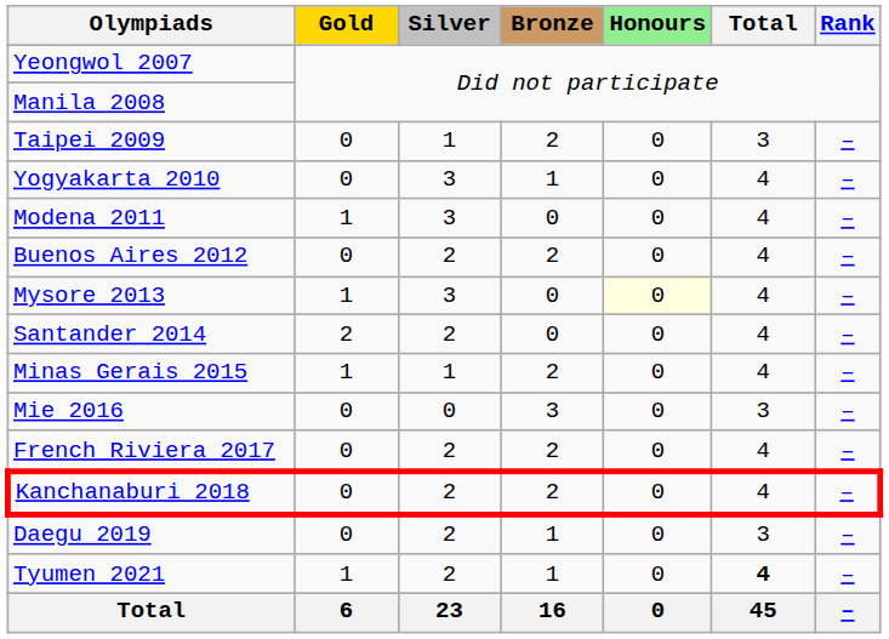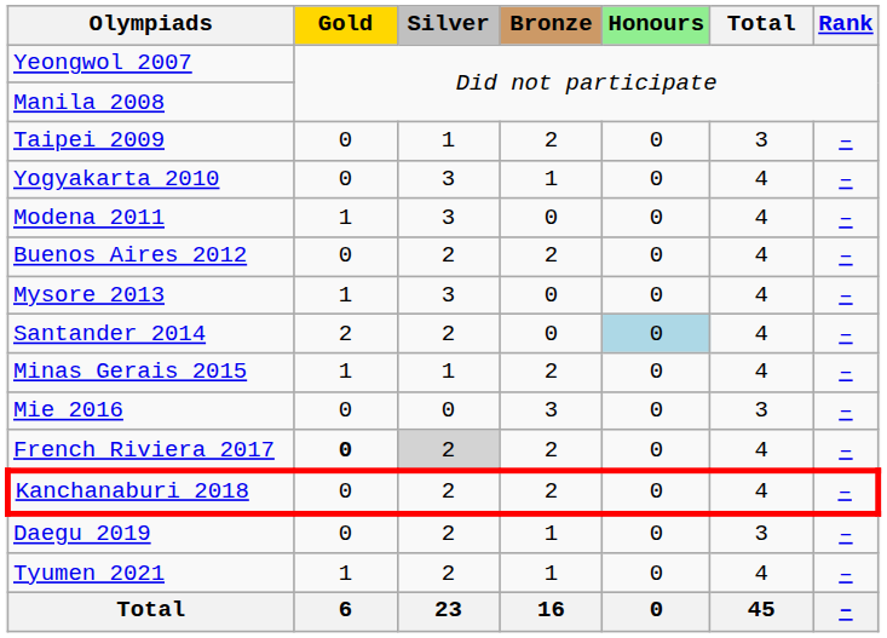 <table class="wikitable" style="text-align:center; font-size:90%;">
 <tr>
 <th style="width:12em;">Olympiads</th>
 <th style="width:4em; background:gold;">Gold</th>
 <th style="width:4em; background:silver;">Silver</th>
 <th style="width:4em; background:#cc9966;">Bronze</th>
 <th style="width:4em; background:#90EE90;">Honours</th>
 <th style="width:4em;">Total</th>
 <th style="width:2em;"><a href='#'>Rank</a></th>
 </tr>
 <tr>
 <td align=left> <a href='#'>Yeongwol 2007</a></td>
 <td align=center colspan=6 rowspan="2"><em>Did not participate</em></td>
 </tr>
 <tr>
 <td align=left> <a href='#'>Manila 2008</a></td>
 </tr>
 <tr>
 <td align=left> <a href='#'>Taipei 2009</a></td>
 <td>0</td>
 <td>1</td>
 <td>2</td>
 <td>0</td>
 <td>3</td>
 <td><a href='#'>–</a></td>
 </tr>
 <tr>
 <td align=left> <a href='#'>Yogyakarta 2010</a></td>
 <td>0</td>
 <td>3</td>
 <td>1</td>
 <td>0</td>
 <td>4</td>
 <td><a href='#'>–</a></td>
 </tr>
 <tr>
 <td align=left> <a href='#'>Modena 2011</a></td>
 <td>1</td>
 <td>3</td>
 <td>0</td>
 <td>0</td>
 <td>4</td>
 <td><a href='#'>–</a></td>
 </tr>
 <tr>
 <td align=left> <a href='#'>Buenos Aires 2012</a></td>
 <td>0</td>
 <td>2</td>
 <td>2</td>
 <td>0</td>
 <td>4</td>
 <td><a href='#'>–</a></td>
 </tr>
 <tr>
 <td align=left> <a href='#'>Mysore 2013</a></td>
 <td>1</td>
 <td>3</td>
 <td>0</td>
-<td style="background: lightyellow;">0</td>
+<td>0</td>
 <td>4</td>
 <td><a href='#'>–</a></td>
 </tr>
 <tr>
 <td align=left> <a href='#'>Santander 2014</a></td>
 <td>2</td>
 <td>2</td>
 <td>0</td>
-<td>0</td>
+<td style="background: lightblue;">0</td>
 <td>4</td>
 <td><a href='#'>–</a></td>
 </tr>
 <tr>
 <td align=left> <a href='#'>Minas Gerais 2015</a></td>
 <td>1</td>
 <td>1</td>
 <td>2</td>
 <td>0</td>
 <td>4</td>
 <td><a href='#'>–</a></td>
 </tr>
 <tr>
 <td align=left> <a href='#'>Mie 2016</a></td>
 <td>0</td>
 <td>0</td>
 <td>3</td>
 <td>0</td>
 <td>3</td>
 <td><a href='#'>–</a></td>
 </tr>
 <tr>
 <td align=left> <a href='#'>French Riviera 2017</a></td>
-<td>0</td>
-<td>2</td>
+<td><strong>0</strong></td>
+<td style="background: lightgrey;">2</td>
 <td>2</td>
 <td>0</td>
 <td>4</td>
 <td><a href='#'>–</a></td>
 </tr>
 <tr style="border: 3px solid red">
 <td align=left> <a href='#'>Kanchanaburi 2018</a></td>
 <td>0</td>
 <td>2</td>
 <td>2</td>
 <td>0</td>
 <td>4</td>
 <td><a href='#'>–</a></td>
 </tr>
 <tr>
 <td align=left> <a href='#'>Daegu 2019</a></td>
 <td>0</td>
 <td>2</td>
 <td>1</td>
 <td>0</td>
 <td>3</td>
 <td><a href='#'>–</a></td>
 </tr>
 <tr>
 <td align=left> <a href='#'>Tyumen 2021</a></td>
 <td>1</td>
 <td>2</td>
 <td>1</td>
 <td>0</td>
-<td><strong>4</strong></td>
+<td>4</td>
 <td><a href='#'>–</a></td>
 </tr>
 <tr>
 <th colspan=1>Total</th>
 <th>6</th>
 <th>23</th>
 <th>16</th>
 <th>0</th>
 <th>45</th>
 <th><a href='#'>–</a></th>
 </tr>
 </table>
